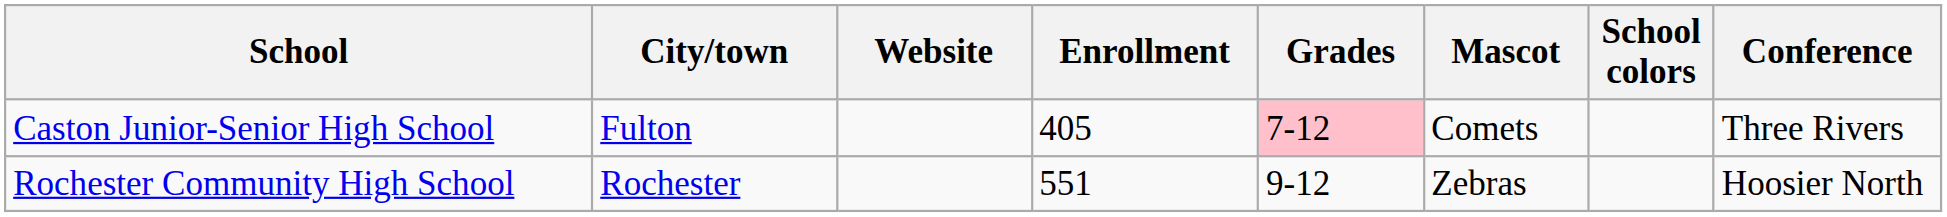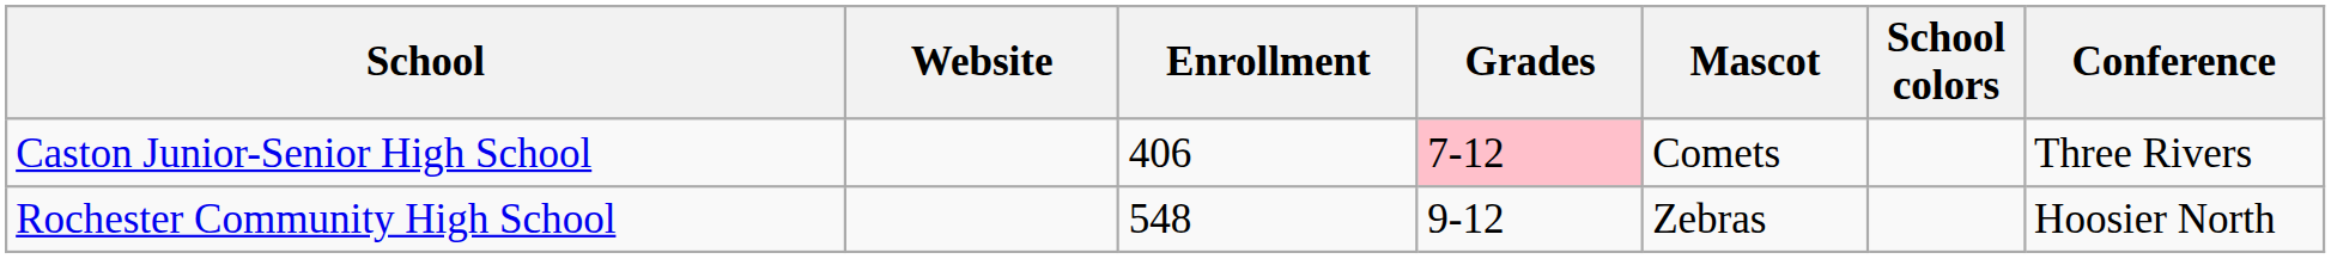 <table class="wikitable sortable" width="70%">
 <tr>
 <th width="20%">School</th>
-<th width="08%">City/town</th>
 <th width="06%">Website</th>
 <th width="04%">Enrollment</th>
 <th width="04%">Grades</th>
 <th width="04%">Mascot</th>
 <th width=01%>School colors</th>
 <th width="04%">Conference</th>
 </tr>
 <tr>
 <td><a href='#'>Caston Junior-Senior High School</a></td>
-<td><a href='#'>Fulton</a></td>
 <td></td>
-<td>405</td>
+<td>406</td>
 <td style="background: pink;">7-12</td>
 <td>Comets</td>
 <td>  </td>
 <td>Three Rivers</td>
 </tr>
 <tr>
 <td><a href='#'>Rochester Community High School</a></td>
-<td><a href='#'>Rochester</a></td>
 <td></td>
-<td>551</td>
+<td>548</td>
 <td>9-12</td>
 <td>Zebras</td>
 <td>  </td>
 <td>Hoosier North</td>
 </tr>
 </table>
